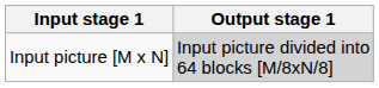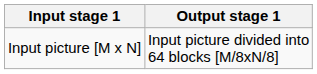 <table class="wikitable">
 <tr>
 <th>Input stage 1</th>
 <th>Output stage 1</th>
 </tr>
 <tr>
 <td>Input picture [M x N]</td>
-<td style="background: lightgrey;">Input picture divided into<br>64 blocks [M/8xN/8]</td>
+<td>Input picture divided into<br>64 blocks [M/8xN/8]</td>
 </tr>
 </table>
